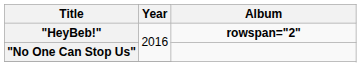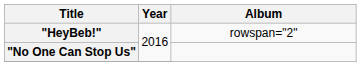 <table class="wikitable plainrowheaders" style="text-align:center">
 <tr>
 <th scope="col">Title</th>
 <th scope="col">Year</th>
 <th scope="col" style="width:15em;">Album</th>
 </tr>
 <tr>
 <th scope="row">"HeyBeb!"<br></th>
 <td rowspan="2">2016</td>
-<td><strong>rowspan="2" </strong></td>
+<td>rowspan="2" </td>
 </tr>
 <tr>
 <th scope="row">"No One Can Stop Us"<br></th>
 </tr>
 <tr>
 </tr>
 </table>
